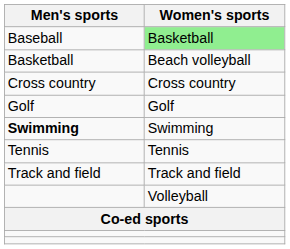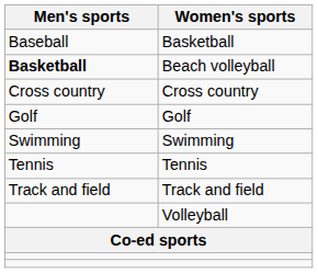 <table class="wikitable" style=" ">
 <tr>
 <th width=150px>Men's sports</th>
 <th width=150px>Women's sports</th>
 </tr>
 <tr>
 <td>Baseball</td>
-<td style="background: lightgreen;">Basketball</td>
+<td>Basketball</td>
 </tr>
 <tr>
-<td>Basketball</td>
+<td><strong>Basketball</strong></td>
 <td>Beach volleyball</td>
 </tr>
 <tr>
 <td>Cross country</td>
 <td>Cross country</td>
 </tr>
 <tr>
 <td>Golf</td>
 <td>Golf</td>
 </tr>
 <tr>
-<td><strong>Swimming</strong></td>
+<td>Swimming</td>
 <td>Swimming</td>
 </tr>
 <tr>
 <td>Tennis</td>
 <td>Tennis</td>
 </tr>
 <tr>
 <td>Track and field</td>
 <td>Track and field</td>
 </tr>
 <tr>
 <td></td>
 <td>Volleyball</td>
 </tr>
 <tr>
 <th colspan=2>Co-ed sports</th>
 </tr>
 <tr>
 <td colspan=2></td>
 </tr>
 <tr>
 <td colspan="2"></td>
 </tr>
 </table>
